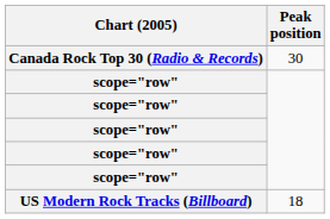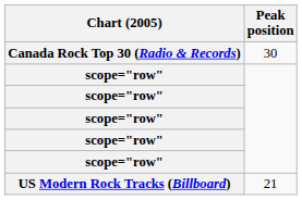 <table class="wikitable sortable plainrowheaders" style="text-align:center;">
 <tr>
 <th scope="col">Chart (2005)</th>
 <th scope="col">Peak<br>position</th>
 </tr>
 <tr>
 <th scope="row">Canada Rock Top 30 (<em><a href='#'>Radio & Records</a></em>)</th>
 <td align="center">30</td>
 </tr>
 <tr>
 <th>scope="row"</th>
 </tr>
 <tr>
 <th>scope="row"</th>
 </tr>
 <tr>
 <th>scope="row"</th>
 </tr>
 <tr>
 <th>scope="row"</th>
 </tr>
 <tr>
 <th>scope="row"</th>
 </tr>
 <tr>
 <th scope="row">US <a href='#'>Modern Rock Tracks</a> (<em><a href='#'>Billboard</a></em>)</th>
-<td align="center">18</td>
+<td align="center">21</td>
 </tr>
 </table>
